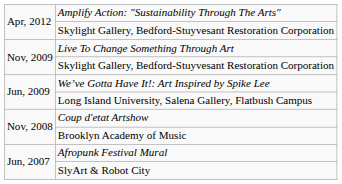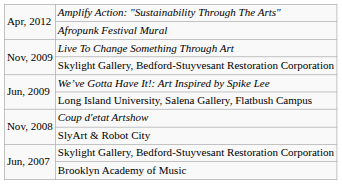 <table class="wikitable sortable">
 <tr>
 <td rowspan="2">Apr, 2012</td>
 <td><em>Amplify Action: "Sustainability Through The Arts"</em></td>
 </tr>
 <tr>
-<td>Skylight Gallery, Bedford-Stuyvesant Restoration Corporation</td>
+<td><em>Afropunk Festival Mural</em></td>
 </tr>
 <tr>
 <td rowspan="2">Nov, 2009</td>
 <td><em>Live To Change Something Through Art</em></td>
 </tr>
 <tr>
 <td>Skylight Gallery, Bedford-Stuyvesant Restoration Corporation</td>
 </tr>
 <tr>
 <td rowspan="2">Jun, 2009</td>
 <td><em>We’ve Gotta Have It!: Art Inspired by Spike Lee</em></td>
 </tr>
 <tr>
 <td>Long Island University, Salena Gallery, Flatbush Campus</td>
 </tr>
 <tr>
 <td rowspan="2">Nov, 2008</td>
 <td><em>Coup d'etat Artshow</em></td>
 </tr>
 <tr>
-<td>Brooklyn Academy of Music</td>
+<td>SlyArt & Robot City</td>
 </tr>
 <tr>
 <td rowspan="2">Jun, 2007</td>
-<td><em>Afropunk Festival Mural</em></td>
+<td>Skylight Gallery, Bedford-Stuyvesant Restoration Corporation</td>
 </tr>
 <tr>
-<td>SlyArt & Robot City</td>
+<td>Brooklyn Academy of Music</td>
 </tr>
 </table>
